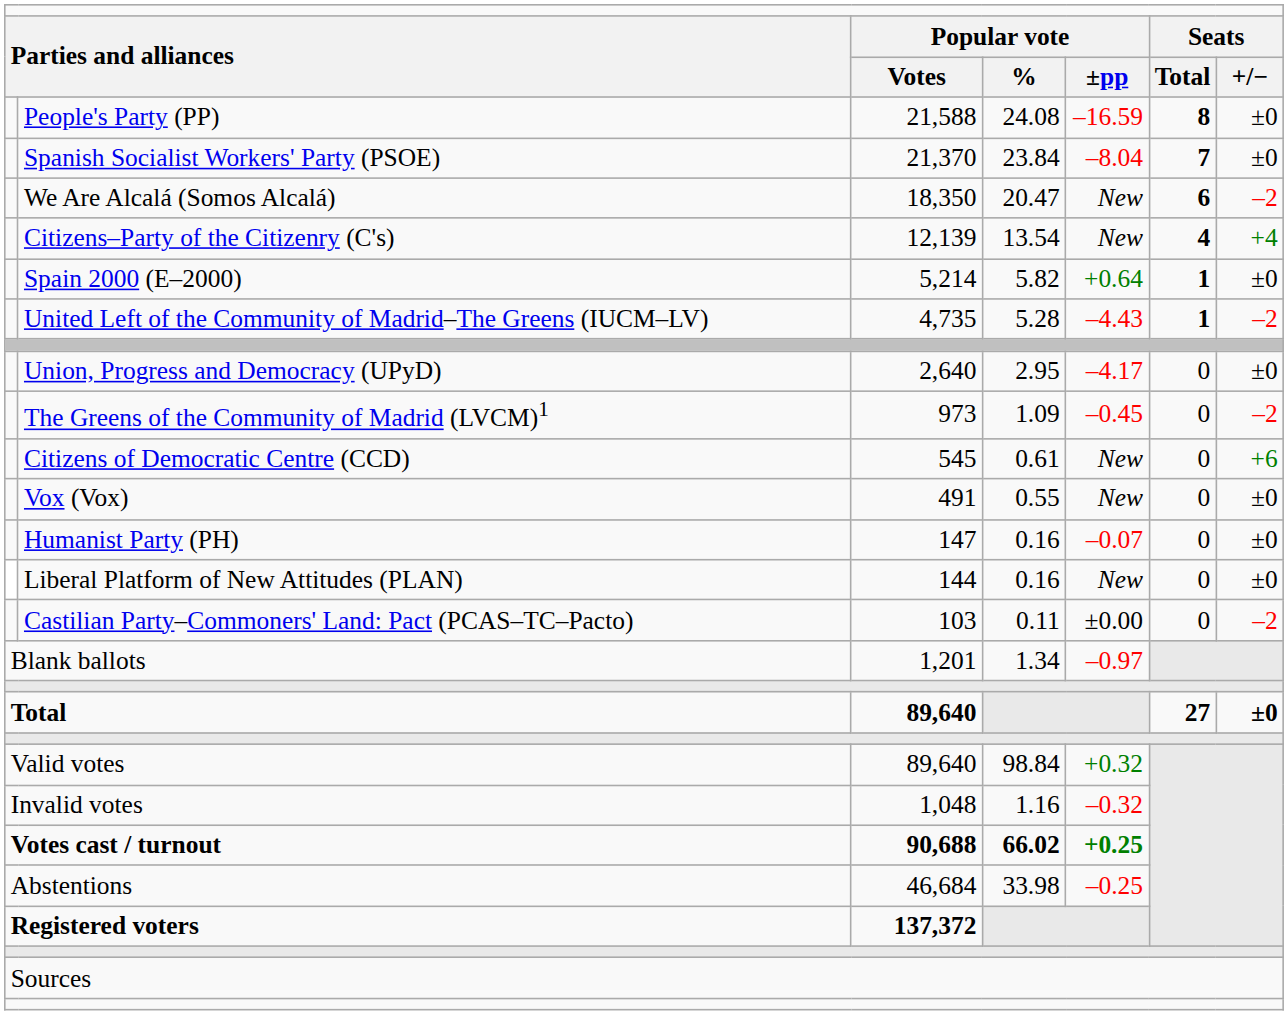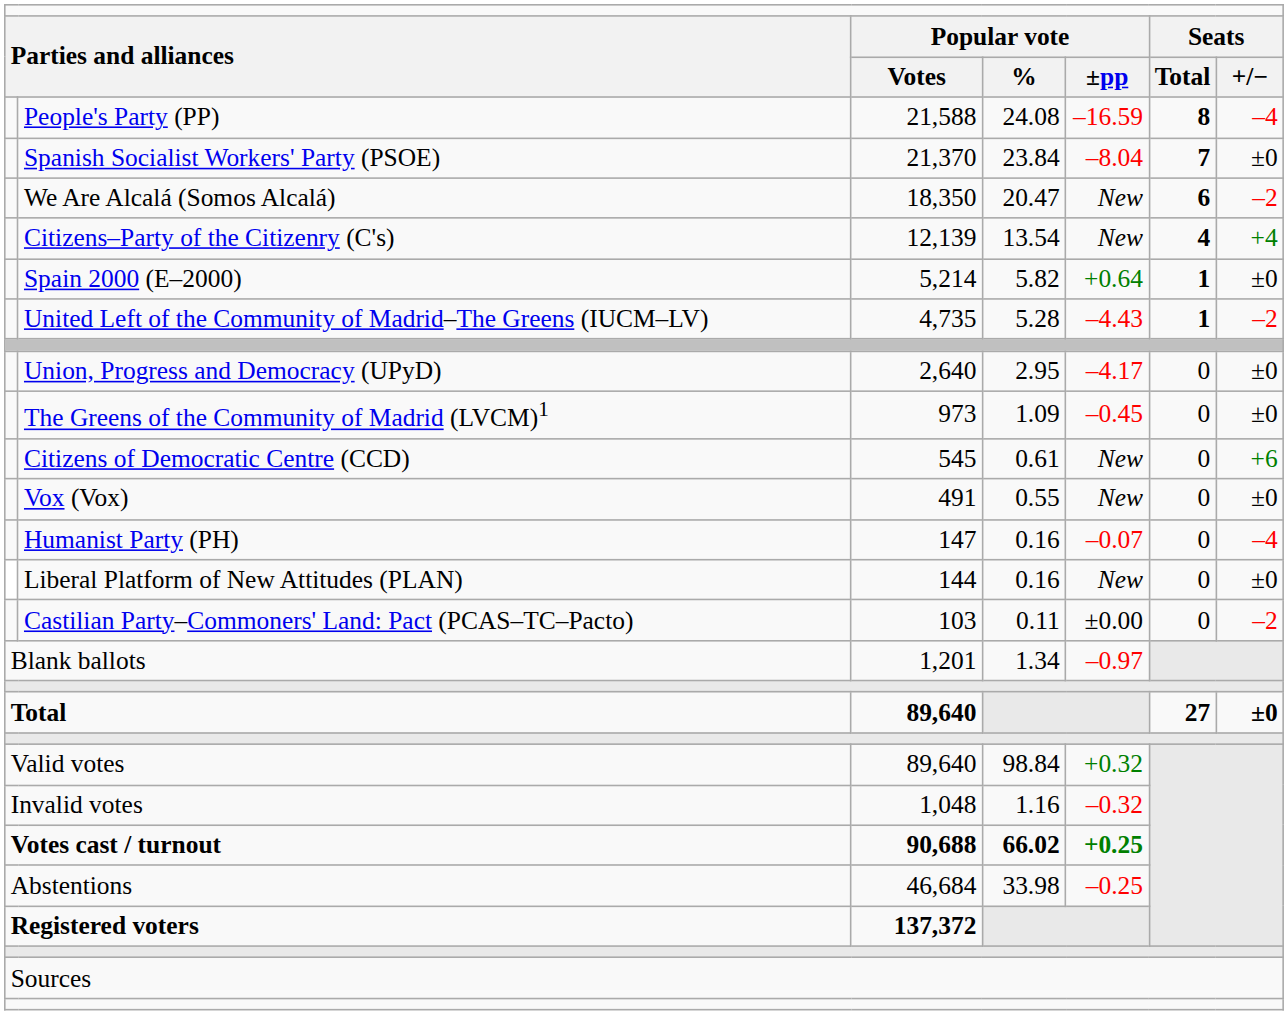 <table class="wikitable" style="text-align:right;">
 <tr>
 <td colspan="7"></td>
 </tr>
 <tr>
 <th style="text-align:left;" rowspan="2" colspan="2" width="525">Parties and alliances</th>
 <th colspan="3">Popular vote</th>
 <th colspan="2">Seats</th>
 </tr>
 <tr>
 <th width="75">Votes</th>
 <th width="45">%</th>
 <th width="45">±<a href='#'>pp</a></th>
 <th width="35">Total</th>
 <th width="35">+/−</th>
 </tr>
 <tr>
 <td width="1" style="color:inherit;background:"></td>
 <td align="left"><a href='#'>People's Party</a> (PP)</td>
 <td>21,588</td>
 <td>24.08</td>
 <td style="color:red;">–16.59</td>
 <td><strong>8</strong></td>
-<td>±0</td>
+<td style="color:red;">–4</td>
 </tr>
 <tr>
 <td style="color:inherit;background:"></td>
 <td align="left"><a href='#'>Spanish Socialist Workers' Party</a> (PSOE)</td>
 <td>21,370</td>
 <td>23.84</td>
 <td style="color:red;">–8.04</td>
 <td><strong>7</strong></td>
 <td>±0</td>
 </tr>
 <tr>
 <td style="color:inherit;background:"></td>
 <td align="left">We Are Alcalá (Somos Alcalá)</td>
 <td>18,350</td>
 <td>20.47</td>
 <td><em>New</em></td>
 <td><strong>6</strong></td>
 <td style="color:red;">–2</td>
 </tr>
 <tr>
 <td style="color:inherit;background:"></td>
 <td align="left"><a href='#'>Citizens–Party of the Citizenry</a> (C's)</td>
 <td>12,139</td>
 <td>13.54</td>
 <td><em>New</em></td>
 <td><strong>4</strong></td>
 <td style="color:green;">+4</td>
 </tr>
 <tr>
 <td style="color:inherit;background:"></td>
 <td align="left"><a href='#'>Spain 2000</a> (E–2000)</td>
 <td>5,214</td>
 <td>5.82</td>
 <td style="color:green;">+0.64</td>
 <td><strong>1</strong></td>
 <td>±0</td>
 </tr>
 <tr>
 <td style="color:inherit;background:"></td>
 <td align="left"><a href='#'>United Left of the Community of Madrid</a>–<a href='#'>The Greens</a> (IUCM–LV)</td>
 <td>4,735</td>
 <td>5.28</td>
 <td style="color:red;">–4.43</td>
 <td><strong>1</strong></td>
 <td style="color:red;">–2</td>
 </tr>
 <tr>
 <td colspan="7" bgcolor="#C0C0C0"></td>
 </tr>
 <tr>
 <td style="color:inherit;background:"></td>
 <td align="left"><a href='#'>Union, Progress and Democracy</a> (UPyD)</td>
 <td>2,640</td>
 <td>2.95</td>
 <td style="color:red;">–4.17</td>
 <td>0</td>
 <td>±0</td>
 </tr>
 <tr>
 <td style="color:inherit;background:"></td>
 <td align="left"><a href='#'>The Greens of the Community of Madrid</a> (LVCM)<sup>1</sup></td>
 <td>973</td>
 <td>1.09</td>
 <td style="color:red;">–0.45</td>
 <td>0</td>
-<td style="color:red;">–2</td>
+<td>±0</td>
 </tr>
 <tr>
 <td style="color:inherit;background:"></td>
 <td align="left"><a href='#'>Citizens of Democratic Centre</a> (CCD)</td>
 <td>545</td>
 <td>0.61</td>
 <td><em>New</em></td>
 <td>0</td>
 <td style="color:green;">+6</td>
 </tr>
 <tr>
 <td style="color:inherit;background:"></td>
 <td align="left"><a href='#'>Vox</a> (Vox)</td>
 <td>491</td>
 <td>0.55</td>
 <td><em>New</em></td>
 <td>0</td>
 <td>±0</td>
 </tr>
 <tr>
 <td style="color:inherit;background:"></td>
 <td align="left"><a href='#'>Humanist Party</a> (PH)</td>
 <td>147</td>
 <td>0.16</td>
 <td style="color:red;">–0.07</td>
 <td>0</td>
-<td>±0</td>
+<td style="color:red;">–4</td>
 </tr>
 <tr>
 <td bgcolor="white"></td>
 <td align="left">Liberal Platform of New Attitudes (PLAN)</td>
 <td>144</td>
 <td>0.16</td>
 <td><em>New</em></td>
 <td>0</td>
 <td>±0</td>
 </tr>
 <tr>
 <td style="color:inherit;background:"></td>
 <td align="left"><a href='#'>Castilian Party</a>–<a href='#'>Commoners' Land: Pact</a> (PCAS–TC–Pacto)</td>
 <td>103</td>
 <td>0.11</td>
 <td>±0.00</td>
 <td>0</td>
 <td style="color:red;">–2</td>
 </tr>
 <tr>
 <td align="left" colspan="2">Blank ballots</td>
 <td>1,201</td>
 <td>1.34</td>
 <td style="color:red;">–0.97</td>
 <td bgcolor="#E9E9E9" colspan="2"></td>
 </tr>
 <tr>
 <td colspan="7" bgcolor="#E9E9E9"></td>
 </tr>
 <tr style="font-weight:bold;">
 <td align="left" colspan="2">Total</td>
 <td>89,640</td>
 <td bgcolor="#E9E9E9" colspan="2"></td>
 <td>27</td>
 <td>±0</td>
 </tr>
 <tr>
 <td colspan="7" bgcolor="#E9E9E9"></td>
 </tr>
 <tr>
 <td align="left" colspan="2">Valid votes</td>
 <td>89,640</td>
 <td>98.84</td>
 <td style="color:green;">+0.32</td>
 <td bgcolor="#E9E9E9" colspan="2" rowspan="5"></td>
 </tr>
 <tr>
 <td align="left" colspan="2">Invalid votes</td>
 <td>1,048</td>
 <td>1.16</td>
 <td style="color:red;">–0.32</td>
 </tr>
 <tr style="font-weight:bold;">
 <td align="left" colspan="2">Votes cast / turnout</td>
 <td>90,688</td>
 <td>66.02</td>
 <td style="color:green;">+0.25</td>
 </tr>
 <tr>
 <td align="left" colspan="2">Abstentions</td>
 <td>46,684</td>
 <td>33.98</td>
 <td style="color:red;">–0.25</td>
 </tr>
 <tr style="font-weight:bold;">
 <td align="left" colspan="2">Registered voters</td>
 <td>137,372</td>
 <td bgcolor="#E9E9E9" colspan="2"></td>
 </tr>
 <tr>
 <td colspan="7" bgcolor="#E9E9E9"></td>
 </tr>
 <tr>
 <td align="left" colspan="7">Sources</td>
 </tr>
 <tr>
 <td colspan="7" style="text-align:left; max-width:790px;"></td>
 </tr>
 </table>
